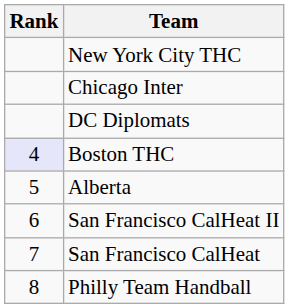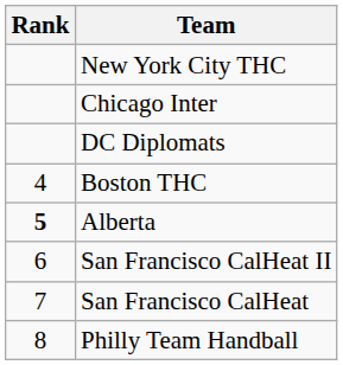 <table class="wikitable">
 <tr>
 <th>Rank</th>
 <th>Team</th>
 </tr>
 <tr>
 <td align=center></td>
 <td align="left">New York City THC</td>
 </tr>
 <tr>
 <td align=center></td>
 <td align="left">Chicago Inter</td>
 </tr>
 <tr>
 <td align=center></td>
 <td align="left">DC Diplomats</td>
 </tr>
 <tr>
-<td align=center style="background: lavender;">4</td>
+<td align=center>4</td>
 <td align="left">Boston THC</td>
 </tr>
 <tr>
-<td align=center>5</td>
+<td align=center><strong>5</strong></td>
 <td align="left">Alberta</td>
 </tr>
 <tr>
 <td align=center>6</td>
 <td align="left">San Francisco CalHeat II</td>
 </tr>
 <tr>
 <td align=center>7</td>
 <td align="left">San Francisco CalHeat</td>
 </tr>
 <tr>
 <td align=center>8</td>
 <td align="left">Philly Team Handball</td>
 </tr>
 </table>
